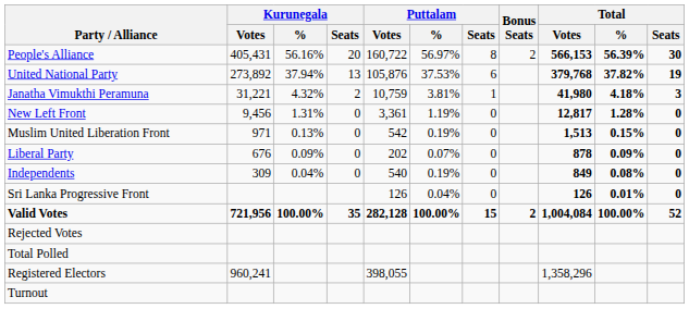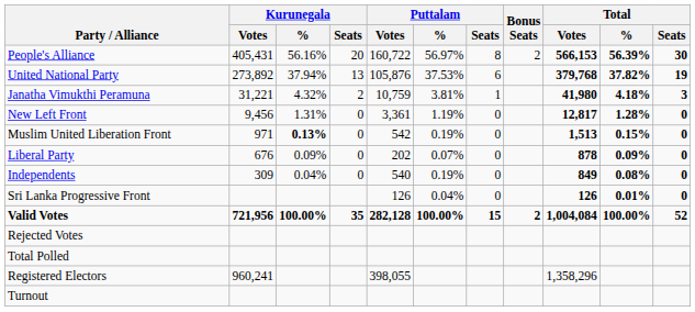 <table class="wikitable" border="1" style="text-align:right;">
 <tr>
 <th valign=bottom rowspan=2 width="300">Party / Alliance</th>
 <th colspan=3><a href='#'>Kurunegala</a></th>
 <th colspan=3><a href='#'>Puttalam</a></th>
 <th valign=bottom rowspan=2 width="40">Bonus<br>Seats</th>
 <th colspan=3>Total</th>
 </tr>
 <tr>
 <th align=center valign=bottom width="50">Votes</th>
 <th align=center valign=bottom width="50">%</th>
 <th align=center valign=bottom width="40">Seats</th>
 <th align=center valign=bottom width="50">Votes</th>
 <th align=center valign=bottom width="50">%</th>
 <th align=center valign=bottom width="40">Seats</th>
 <th align=center valign=bottom width="50">Votes</th>
 <th align=center valign=bottom width="50">%</th>
 <th align=center valign=bottom width="40">Seats</th>
 </tr>
 <tr>
 <td align=left><a href='#'>People's Alliance</a></td>
 <td>405,431</td>
 <td>56.16%</td>
 <td>20</td>
 <td>160,722</td>
 <td>56.97%</td>
 <td>8</td>
 <td>2</td>
 <td><strong>566,153</strong></td>
 <td><strong>56.39%</strong></td>
 <td><strong>30</strong></td>
 </tr>
 <tr>
 <td align=left><a href='#'>United National Party</a></td>
 <td>273,892</td>
 <td>37.94%</td>
 <td>13</td>
 <td>105,876</td>
 <td>37.53%</td>
 <td>6</td>
 <td></td>
 <td><strong>379,768</strong></td>
 <td><strong>37.82%</strong></td>
 <td><strong>19</strong></td>
 </tr>
 <tr>
 <td align=left><a href='#'>Janatha Vimukthi Peramuna</a></td>
 <td>31,221</td>
 <td>4.32%</td>
 <td>2</td>
 <td>10,759</td>
 <td>3.81%</td>
 <td>1</td>
 <td></td>
 <td><strong>41,980</strong></td>
 <td><strong>4.18%</strong></td>
 <td><strong>3</strong></td>
 </tr>
 <tr>
 <td align=left><a href='#'>New Left Front</a></td>
 <td>9,456</td>
 <td>1.31%</td>
 <td>0</td>
 <td>3,361</td>
 <td>1.19%</td>
 <td>0</td>
 <td></td>
 <td><strong>12,817</strong></td>
 <td><strong>1.28%</strong></td>
 <td><strong>0</strong></td>
 </tr>
 <tr>
 <td align=left>Muslim United Liberation Front</td>
 <td>971</td>
-<td>0.13%</td>
+<td><strong>0.13%</strong></td>
 <td>0</td>
 <td>542</td>
 <td>0.19%</td>
 <td>0</td>
 <td></td>
 <td><strong>1,513</strong></td>
 <td><strong>0.15%</strong></td>
 <td><strong>0</strong></td>
 </tr>
 <tr>
 <td align=left><a href='#'>Liberal Party</a></td>
 <td>676</td>
 <td>0.09%</td>
 <td>0</td>
 <td>202</td>
 <td>0.07%</td>
 <td>0</td>
 <td></td>
 <td><strong>878</strong></td>
 <td><strong>0.09%</strong></td>
 <td><strong>0</strong></td>
 </tr>
 <tr>
 <td align=left><a href='#'>Independents</a></td>
 <td>309</td>
 <td>0.04%</td>
 <td>0</td>
 <td>540</td>
 <td>0.19%</td>
 <td>0</td>
 <td></td>
 <td><strong>849</strong></td>
 <td><strong>0.08%</strong></td>
 <td><strong>0</strong></td>
 </tr>
 <tr>
 <td align=left>Sri Lanka Progressive Front</td>
 <td></td>
 <td></td>
 <td></td>
 <td>126</td>
 <td>0.04%</td>
 <td>0</td>
 <td></td>
 <td><strong>126</strong></td>
 <td><strong>0.01%</strong></td>
 <td><strong>0</strong></td>
 </tr>
 <tr>
 <td align=left><strong>Valid Votes</strong></td>
 <td><strong>721,956</strong></td>
 <td><strong>100.00%</strong></td>
 <td><strong>35</strong></td>
 <td><strong>282,128</strong></td>
 <td><strong>100.00%</strong></td>
 <td><strong>15</strong></td>
 <td><strong>2</strong></td>
 <td><strong>1,004,084</strong></td>
 <td><strong>100.00%</strong></td>
 <td><strong>52</strong></td>
 </tr>
 <tr>
 <td align=left>Rejected Votes</td>
 <td></td>
 <td></td>
 <td></td>
 <td></td>
 <td></td>
 <td></td>
 <td></td>
 <td></td>
 <td></td>
 <td></td>
 </tr>
 <tr>
 <td align=left>Total Polled</td>
 <td></td>
 <td></td>
 <td></td>
 <td></td>
 <td></td>
 <td></td>
 <td></td>
 <td></td>
 <td></td>
 <td></td>
 </tr>
 <tr>
 <td align=left>Registered Electors</td>
 <td>960,241</td>
 <td></td>
 <td></td>
 <td>398,055</td>
 <td></td>
 <td></td>
 <td></td>
 <td>1,358,296</td>
 <td></td>
 <td></td>
 </tr>
 <tr>
 <td align=left>Turnout</td>
 <td></td>
 <td></td>
 <td></td>
 <td></td>
 <td></td>
 <td></td>
 <td></td>
 <td></td>
 <td></td>
 <td></td>
 </tr>
 </table>
